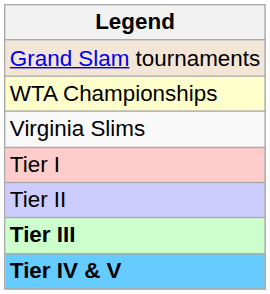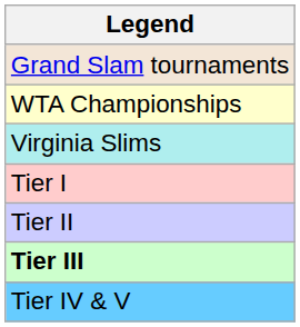 <table class="wikitable sortable mw-collapsible mw-collapsed">
 <tr>
 <th>Legend</th>
 </tr>
 <tr>
 <td style="background:#f3e6d7;"><a href='#'>Grand Slam</a> tournaments</td>
 </tr>
 <tr>
 <td style="background:#ffc;">WTA Championships</td>
 </tr>
 <tr>
-<td>Virginia Slims</td>
+<td style="background: paleturquoise;">Virginia Slims</td>
 </tr>
 <tr>
 <td style="background:#fcc;">Tier I</td>
 </tr>
 <tr>
 <td style="background:#ccf;">Tier II</td>
 </tr>
 <tr>
 <td style="background:#cfc;"><strong>Tier III</strong></td>
 </tr>
 <tr>
-<td style="background:#6cf;"><strong>Tier IV & V</strong></td>
+<td style="background:#6cf;">Tier IV & V</td>
 </tr>
 </table>
